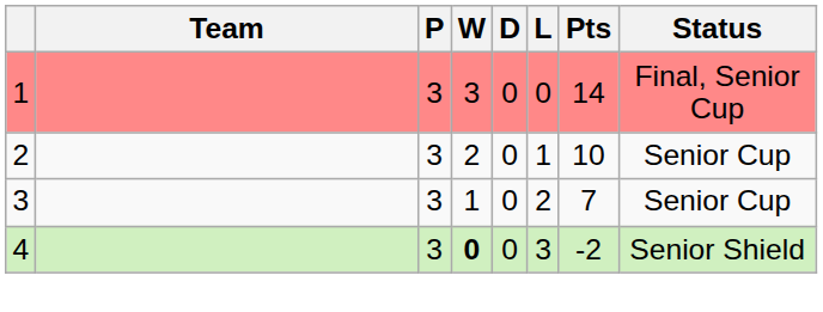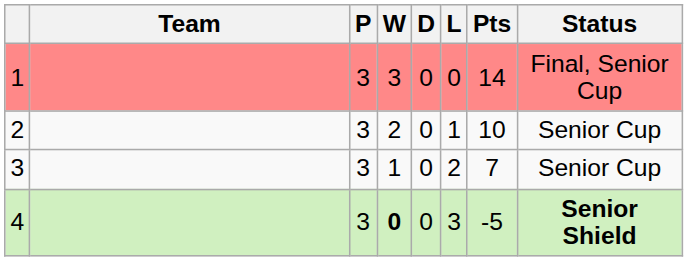 <table class="wikitable" style="text-align:center;">
 <tr>
 <th></th>
 <th width="200px">Team</th>
 <th>P</th>
 <th>W</th>
 <th>D</th>
 <th>L</th>
 <th width="23px">Pts</th>
 <th width="100px">Status</th>
 </tr>
 <tr bgcolor="#FF8888">
 <td>1</td>
 <td></td>
 <td>3</td>
 <td>3</td>
 <td>0</td>
 <td>0</td>
 <td>14</td>
 <td>Final, Senior Cup</td>
 </tr>
 <tr>
 <td>2</td>
 <td></td>
 <td>3</td>
 <td>2</td>
 <td>0</td>
 <td>1</td>
 <td>10</td>
 <td>Senior Cup</td>
 </tr>
 <tr>
 <td>3</td>
 <td></td>
 <td>3</td>
 <td>1</td>
 <td>0</td>
 <td>2</td>
 <td>7</td>
 <td>Senior Cup</td>
 </tr>
 <tr bgcolor="#D0F0C0">
 <td>4</td>
 <td></td>
 <td>3</td>
 <td><strong>0</strong></td>
 <td>0</td>
 <td>3</td>
-<td>-2</td>
-<td>Senior Shield</td>
+<td>-5</td>
+<td><strong>Senior Shield</strong></td>
 </tr>
 </table>
